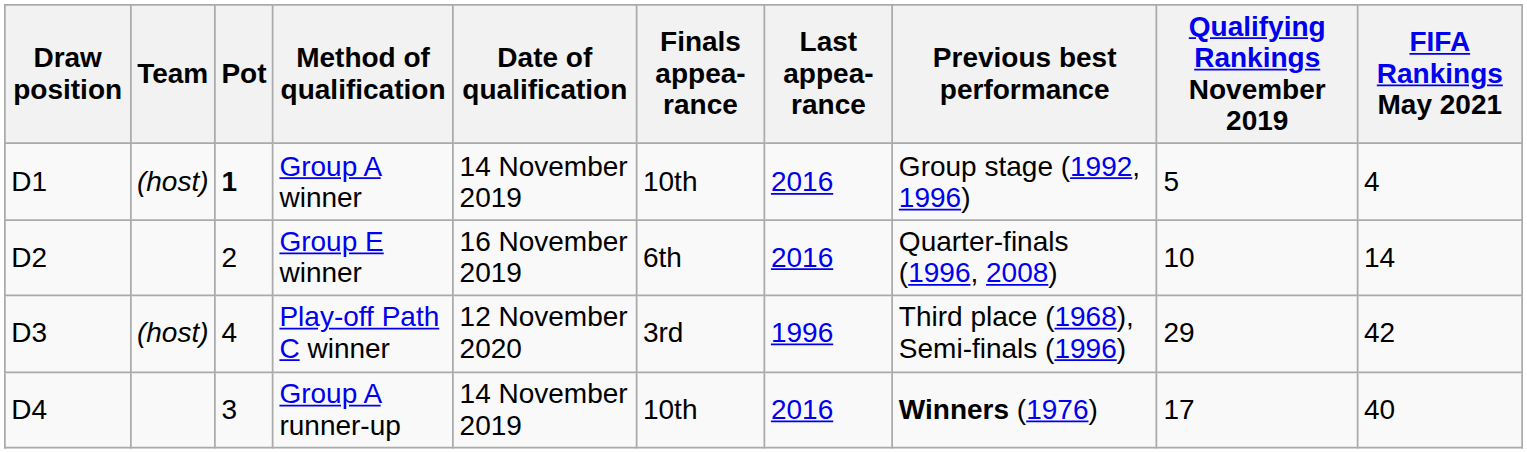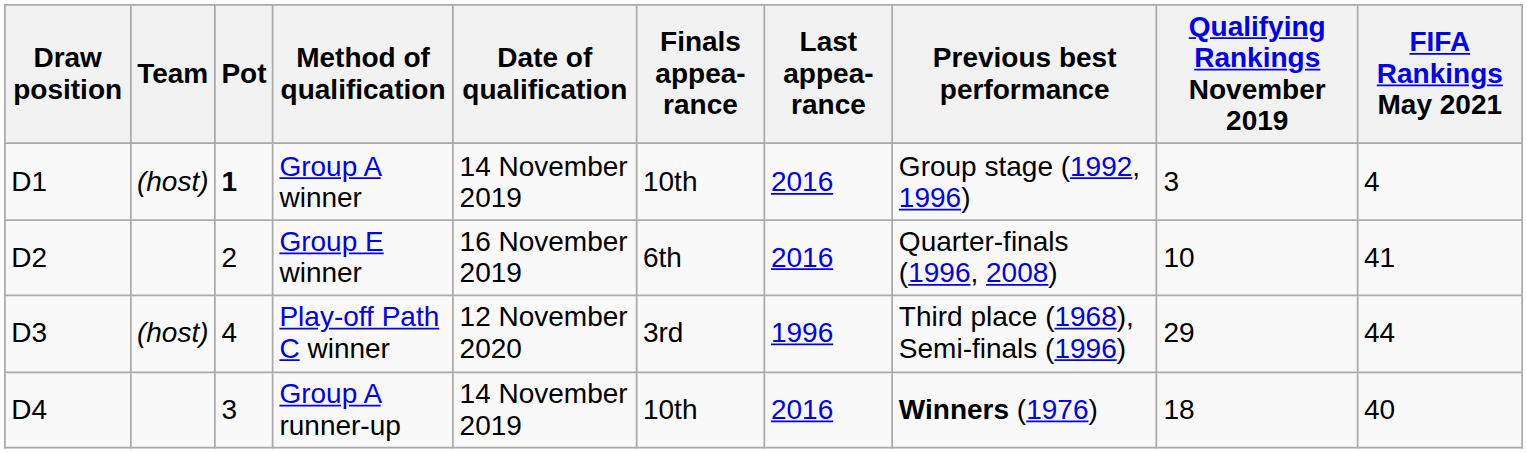 <table class="wikitable sortable">
 <tr>
 <th>Draw posi­tion</th>
 <th>Team</th>
 <th>Pot</th>
 <th>Method of<br>quali­fication</th>
 <th>Date of<br>quali­fication</th>
 <th data-sort-type="number">Finals<br>appea­rance</th>
 <th>Last<br>appea­rance</th>
 <th>Previous best<br>perfor­mance</th>
 <th><a href='#'>Qualifying Rankings</a><br>November 2019</th>
 <th><a href='#'>FIFA Rankings</a><br>May 2021</th>
 </tr>
 <tr>
 <td>D1</td>
 <td style="white-space:nowrap"> <em>(host)</em></td>
 <td><strong>1</strong></td>
 <td><a href='#'>Group A</a> winner</td>
 <td>14 November 2019</td>
 <td>10th</td>
 <td><a href='#'>2016</a></td>
 <td data-sort-value="17">Group stage (<a href='#'>1992</a>, <a href='#'>1996</a>)</td>
-<td>5</td>
+<td>3</td>
 <td>4</td>
 </tr>
 <tr>
 <td>D2</td>
 <td style="white-space:nowrap"></td>
 <td>2</td>
 <td><a href='#'>Group E</a> winner</td>
 <td>16 November 2019</td>
 <td>6th</td>
 <td><a href='#'>2016</a></td>
 <td data-sort-value="5">Quarter-finals (<a href='#'>1996</a>, <a href='#'>2008</a>)</td>
 <td>10</td>
-<td>14</td>
+<td>41</td>
 </tr>
 <tr>
 <td>D3</td>
 <td style="white-space:nowrap"> <em>(host)</em></td>
 <td>4</td>
 <td><a href='#'>Play-off Path C</a> winner</td>
 <td>12 November 2020</td>
 <td>3rd</td>
 <td><a href='#'>1996</a></td>
 <td data-sort-value="3">Third place (<a href='#'>1968</a>), Semi-finals (<a href='#'>1996</a>)</td>
 <td>29</td>
-<td>42</td>
+<td>44</td>
 </tr>
 <tr>
 <td>D4</td>
 <td style="white-space:nowrap"></td>
 <td>3</td>
 <td><a href='#'>Group A</a> runner-up</td>
 <td>14 November 2019</td>
 <td>10th</td>
 <td><a href='#'>2016</a></td>
 <td data-sort-value="1"><strong>Winners</strong> (<a href='#'>1976</a>)</td>
-<td>17</td>
+<td>18</td>
 <td>40</td>
 </tr>
 </table>
